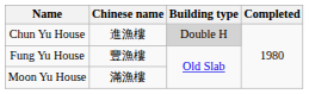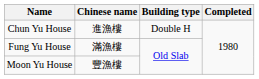 <table class="wikitable" style="text-align: center">
 <tr>
 <th>Name</th>
 <th>Chinese name</th>
 <th>Building type</th>
 <th>Completed</th>
 </tr>
 <tr>
 <td>Chun Yu House</td>
 <td>進漁樓</td>
-<td style="background: lightgrey;">Double H</td>
+<td>Double H</td>
 <td rowspan="3">1980</td>
 </tr>
 <tr>
 <td>Fung Yu House</td>
-<td>豐漁樓</td>
+<td>滿漁樓</td>
 <td rowspan="2"><a href='#'>Old Slab</a></td>
 </tr>
 <tr>
 <td>Moon Yu House</td>
-<td>滿漁樓</td>
+<td>豐漁樓</td>
 </tr>
 </table>
